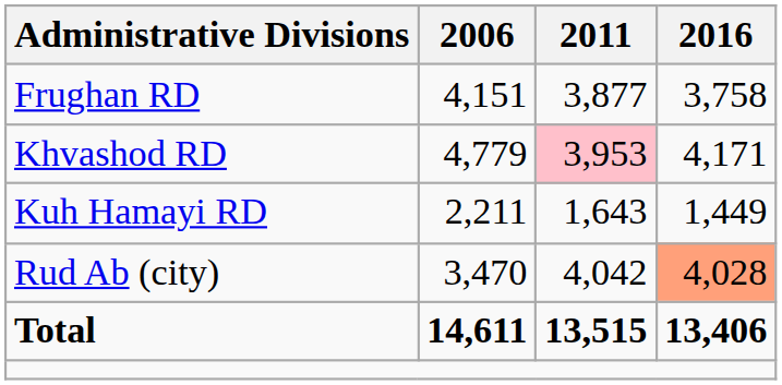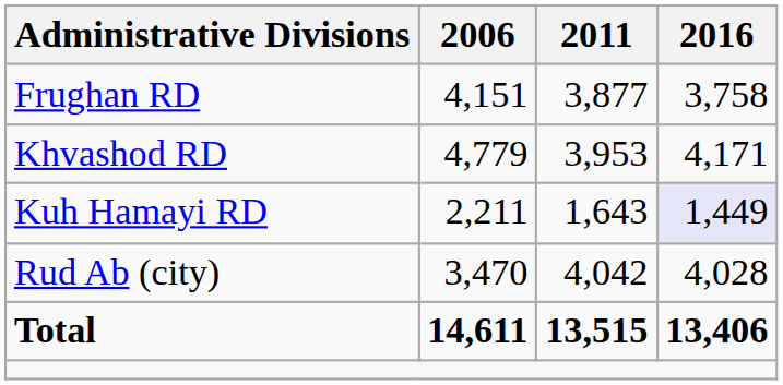 <table class="wikitable">
 <tr>
 <th>Administrative Divisions</th>
 <th>2006</th>
 <th>2011</th>
 <th>2016</th>
 </tr>
 <tr>
 <td><a href='#'>Frughan RD</a></td>
 <td style="text-align: right;">4,151</td>
 <td style="text-align: right;">3,877</td>
 <td style="text-align: right;">3,758</td>
 </tr>
 <tr>
 <td><a href='#'>Khvashod RD</a></td>
 <td style="text-align: right;">4,779</td>
-<td style="background: pink; text-align: right;">3,953</td>
+<td style="text-align: right;">3,953</td>
 <td style="text-align: right;">4,171</td>
 </tr>
 <tr>
 <td><a href='#'>Kuh Hamayi RD</a></td>
 <td style="text-align: right;">2,211</td>
 <td style="text-align: right;">1,643</td>
-<td style="text-align: right;">1,449</td>
+<td style="background: lavender; text-align: right;">1,449</td>
 </tr>
 <tr>
 <td><a href='#'>Rud Ab</a> (city)</td>
 <td style="text-align: right;">3,470</td>
 <td style="text-align: right;">4,042</td>
-<td style="background: lightsalmon; text-align: right;">4,028</td>
+<td style="text-align: right;">4,028</td>
 </tr>
 <tr>
 <td><strong>Total</strong></td>
 <td style="text-align: right;"><strong>14,611</strong></td>
 <td style="text-align: right;"><strong>13,515</strong></td>
 <td style="text-align: right;"><strong>13,406</strong></td>
 </tr>
 <tr>
 <td colspan=4></td>
 </tr>
 </table>
